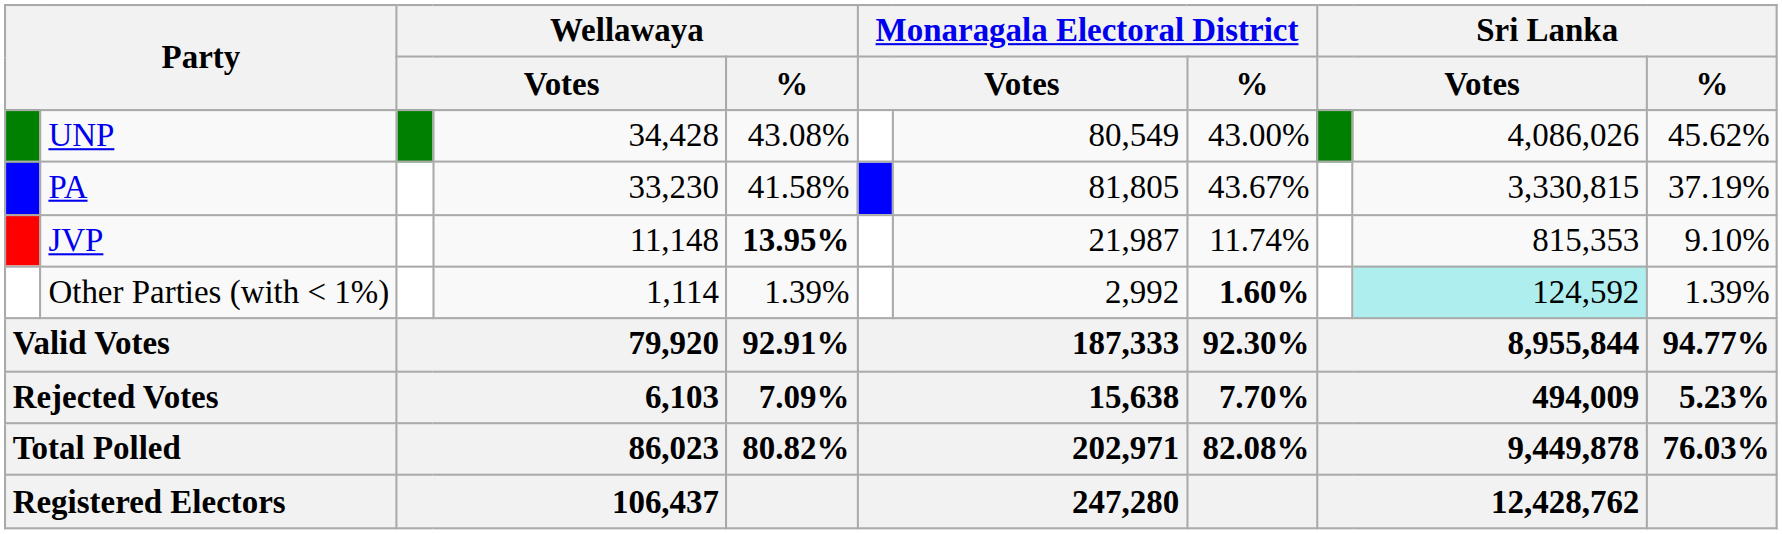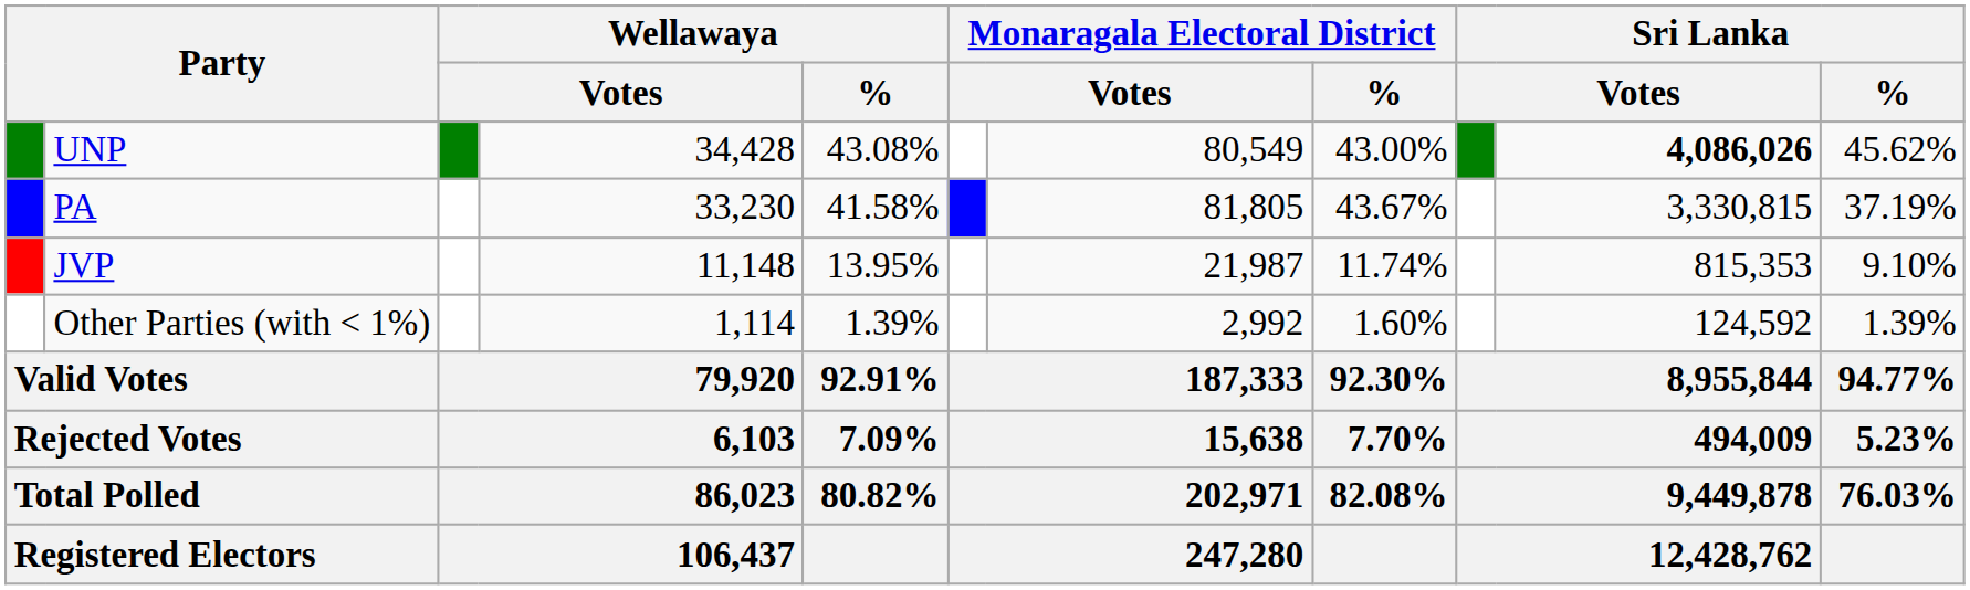 <table class="wikitable">
 <tr>
 <th colspan="2" width="144px"rowspan="2">Party</th>
 <th colspan="3" width="216px">Wellawaya</th>
 <th colspan="3" width="216px"><a href='#'>Monaragala Electoral District</a></th>
 <th colspan="3" width="216px">Sri Lanka</th>
 </tr>
 <tr>
 <th colspan="2" width="144px">Votes</th>
 <th>%</th>
 <th colspan="2" width="144px">Votes</th>
 <th>%</th>
 <th colspan="2" width="144px">Votes</th>
 <th>%</th>
 </tr>
 <tr>
 <td style="background-color:green;" width="10px"></td>
 <td style="text-align:left;"><a href='#'>UNP</a></td>
 <td style="background-color:green;" width="10px"></td>
 <td style="text-align:right;">34,428</td>
 <td style="text-align:right;">43.08%</td>
 <td style="background-color:white;" width="10px"></td>
 <td style="text-align:right;">80,549</td>
 <td style="text-align:right;">43.00%</td>
 <td style="background-color:green;" width="10px"></td>
-<td style="text-align:right;">4,086,026</td>
+<td style="text-align:right;"><strong>4,086,026</strong></td>
 <td style="text-align:right;">45.62%</td>
 </tr>
 <tr>
 <td style="background-color:blue;" width="10px"></td>
 <td style="text-align:left;"><a href='#'>PA</a></td>
 <td style="background-color:white;" width="10px"></td>
 <td style="text-align:right;">33,230</td>
 <td style="text-align:right;">41.58%</td>
 <td style="background-color:blue;" width="10px"></td>
 <td style="text-align:right;">81,805</td>
 <td style="text-align:right;">43.67%</td>
 <td style="background-color:white;" width="10px"></td>
 <td style="text-align:right;">3,330,815</td>
 <td style="text-align:right;">37.19%</td>
 </tr>
 <tr>
 <td style="background-color:red;" width="10px"></td>
 <td style="text-align:left;"><a href='#'>JVP</a></td>
 <td style="background-color:white;" width="10px"></td>
 <td style="text-align:right;">11,148</td>
-<td style="text-align:right;"><strong>13.95%</strong></td>
+<td style="text-align:right;">13.95%</td>
 <td style="background-color:white;" width="10px"></td>
 <td style="text-align:right;">21,987</td>
 <td style="text-align:right;">11.74%</td>
 <td style="background-color:white;" width="10px"></td>
 <td style="text-align:right;">815,353</td>
 <td style="text-align:right;">9.10%</td>
 </tr>
 <tr>
 <td style="background-color:white;" width="10px"></td>
 <td style="text-align:left;">Other Parties (with < 1%)</td>
 <td style="background-color:white;" width="10px"></td>
 <td style="text-align:right;">1,114</td>
 <td style="text-align:right;">1.39%</td>
 <td style="background-color:white;" width="10px"></td>
 <td style="text-align:right;">2,992</td>
-<td style="text-align:right;"><strong>1.60%</strong></td>
+<td style="text-align:right;">1.60%</td>
 <td style="background-color:white;" width="10px"></td>
-<td style="background: paleturquoise; text-align:right;">124,592</td>
+<td style="text-align:right;">124,592</td>
 <td style="text-align:right;">1.39%</td>
 </tr>
 <tr>
 <th colspan="2" width="144px"style="text-align:left;">Valid Votes</th>
 <th style="text-align:right;"colspan="2" width="144px">79,920</th>
 <th style="text-align:right;">92.91%</th>
 <th style="text-align:right;"colspan="2" width="144px">187,333</th>
 <th style="text-align:right;">92.30%</th>
 <th style="text-align:right;"colspan="2" width="144px">8,955,844</th>
 <th style="text-align:right;">94.77%</th>
 </tr>
 <tr>
 <th colspan="2" width="144px"style="text-align:left;">Rejected Votes</th>
 <th style="text-align:right;"colspan="2" width="144px">6,103</th>
 <th style="text-align:right;">7.09%</th>
 <th style="text-align:right;"colspan="2" width="144px">15,638</th>
 <th style="text-align:right;">7.70%</th>
 <th style="text-align:right;"colspan="2" width="144px">494,009</th>
 <th style="text-align:right;">5.23%</th>
 </tr>
 <tr>
 <th colspan="2" width="144px"style="text-align:left;">Total Polled</th>
 <th style="text-align:right;"colspan="2" width="144px">86,023</th>
 <th style="text-align:right;">80.82%</th>
 <th style="text-align:right;"colspan="2" width="144px">202,971</th>
 <th style="text-align:right;">82.08%</th>
 <th style="text-align:right;"colspan="2" width="144px">9,449,878</th>
 <th style="text-align:right;">76.03%</th>
 </tr>
 <tr>
 <th colspan="2" width="144px"style="text-align:left;">Registered Electors</th>
 <th style="text-align:right;"colspan="2" width="144px">106,437</th>
 <th></th>
 <th style="text-align:right;"colspan="2" width="144px">247,280</th>
 <th></th>
 <th style="text-align:right;"colspan="2" width="144px">12,428,762</th>
 <th></th>
 </tr>
 </table>
